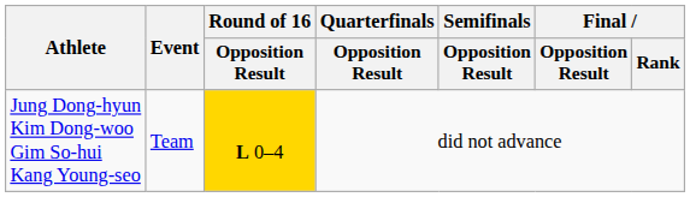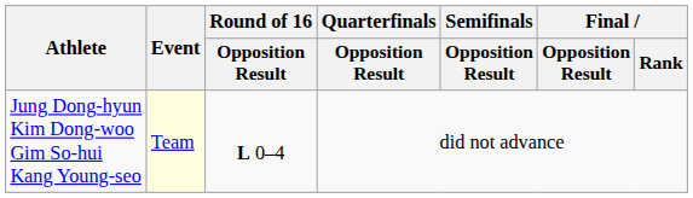 <table class="wikitable" style="font-size:90%">
 <tr>
 <th rowspan="2">Athlete</th>
 <th rowspan="2">Event</th>
 <th>Round of 16</th>
 <th>Quarterfinals</th>
 <th>Semifinals</th>
 <th colspan=2>Final / </th>
 </tr>
 <tr style="font-size:95%">
 <th>Opposition<br>Result</th>
 <th>Opposition<br>Result</th>
 <th>Opposition<br>Result</th>
 <th>Opposition<br>Result</th>
 <th>Rank</th>
 </tr>
 <tr align=center>
 <td align="left"><a href='#'>Jung Dong-hyun</a><br><a href='#'>Kim Dong-woo</a><br><a href='#'>Gim So-hui</a><br><a href='#'>Kang Young-seo</a></td>
-<td align="left"><a href='#'>Team</a></td>
-<td style="background: gold;"><br><strong>L</strong> 0–4</td>
+<td align="left" style="background: lightyellow;"><a href='#'>Team</a></td>
+<td><br><strong>L</strong> 0–4</td>
 <td colspan=4>did not advance</td>
 </tr>
 </table>
